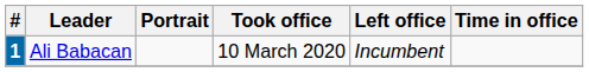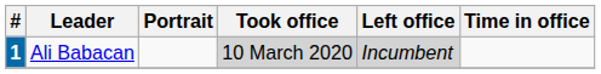 <table class="wikitable" style="font-size:90%;">
 <tr>
 <th>#</th>
 <th>Leader</th>
 <th>Portrait</th>
 <th>Took office</th>
 <th>Left office</th>
 <th>Time in office</th>
 </tr>
 <tr>
 <th style="background:#0069a7; color:white;">1</th>
 <td><a href='#'>Ali Babacan</a></td>
 <td></td>
-<td>10 March 2020</td>
-<td><em>Incumbent</em></td>
+<td style="background: lightgrey;">10 March 2020</td>
+<td style="background: lightgrey;"><em>Incumbent</em></td>
 <td></td>
 </tr>
 <tr>
 </tr>
 </table>
